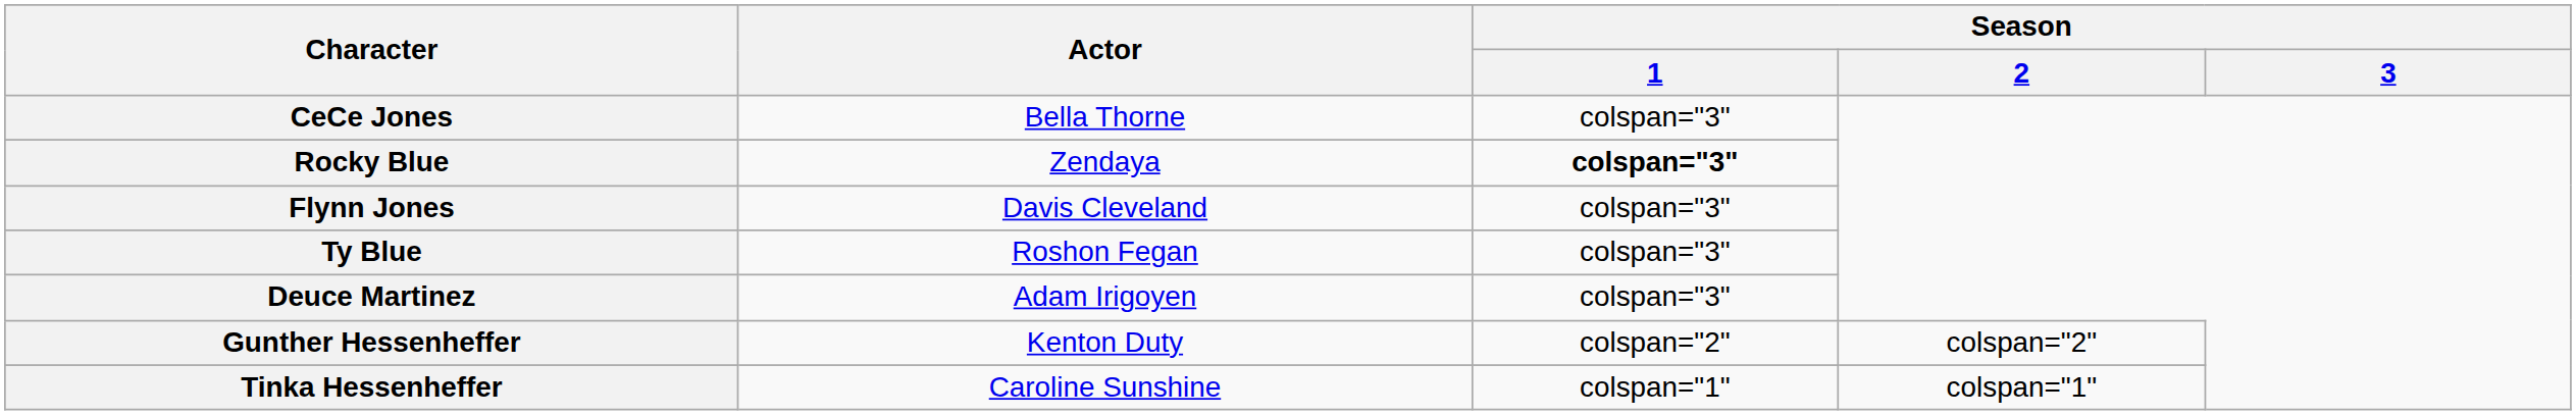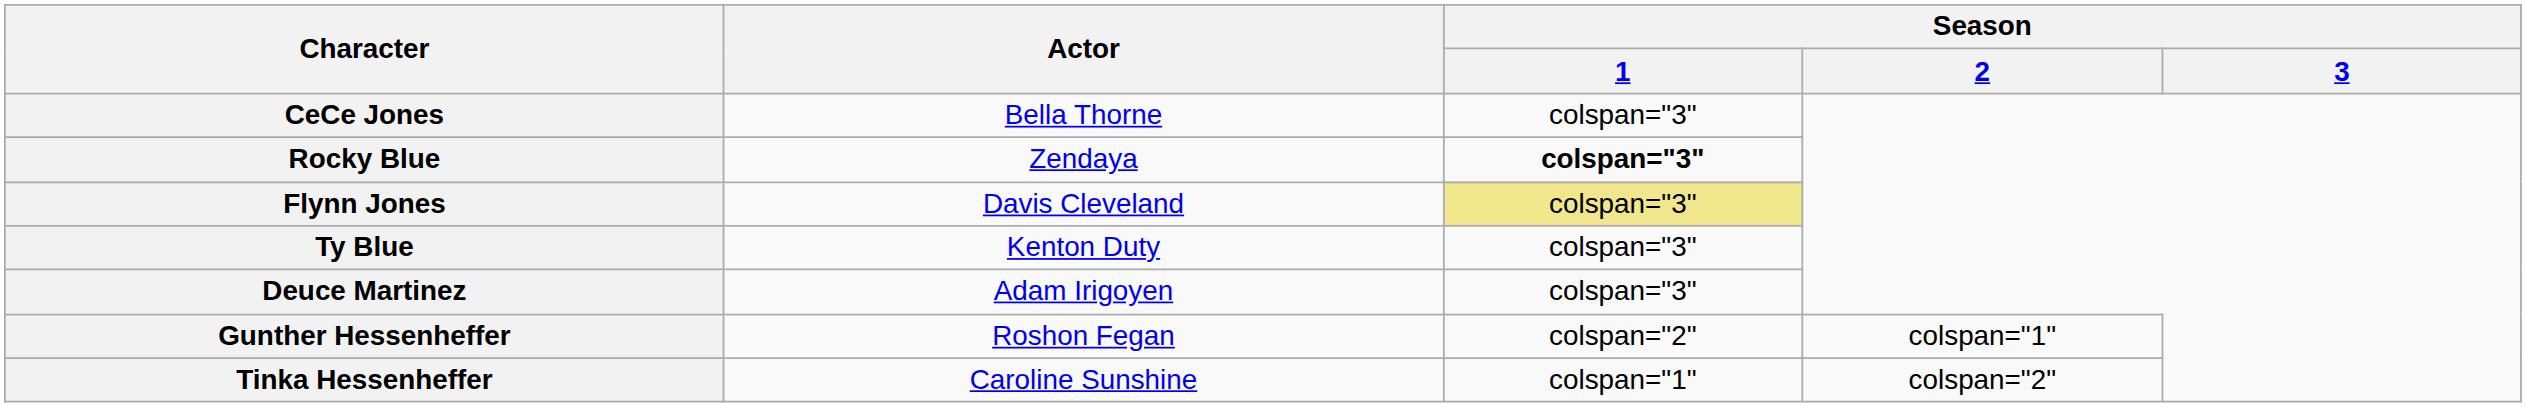 <table class="wikitable plainrowheaders" style="text-align:center;">
 <tr>
 <th rowspan="2" width="14%" scope="col">Character</th>
 <th rowspan="2" width="14%" scope="col">Actor</th>
 <th colspan="4">Season</th>
 </tr>
 <tr>
 <th width="7%" scope="col"><a href='#'>1</a></th>
 <th width="7%" scope="col"><a href='#'>2</a></th>
 <th width="7%" scope="col"><a href='#'>3</a></th>
 </tr>
 <tr>
 <th scope="row" style="text-align:center;">CeCe Jones</th>
 <td><a href='#'>Bella Thorne</a></td>
 <td>colspan="3" </td>
 </tr>
 <tr>
 <th scope="row" style="text-align:center;">Rocky Blue</th>
 <td><a href='#'>Zendaya</a></td>
 <td><strong>colspan="3" </strong></td>
 </tr>
 <tr>
 <th scope="row" style="text-align:center;">Flynn Jones</th>
 <td><a href='#'>Davis Cleveland</a></td>
-<td>colspan="3" </td>
+<td style="background: khaki;">colspan="3" </td>
 </tr>
 <tr>
 <th scope="row" style="text-align:center;">Ty Blue</th>
-<td><a href='#'>Roshon Fegan</a></td>
+<td><a href='#'>Kenton Duty</a></td>
 <td>colspan="3" </td>
 </tr>
 <tr>
 <th scope="row" style="text-align:center;">Deuce Martinez</th>
 <td><a href='#'>Adam Irigoyen</a></td>
 <td>colspan="3" </td>
 </tr>
 <tr>
 <th scope="row" style="text-align:center;">Gunther Hessenheffer</th>
-<td><a href='#'>Kenton Duty</a></td>
+<td><a href='#'>Roshon Fegan</a></td>
 <td>colspan="2" </td>
-<td>colspan="2" </td>
+<td>colspan="1" </td>
 </tr>
 <tr>
 <th scope="row" style="text-align:center;">Tinka Hessenheffer</th>
 <td><a href='#'>Caroline Sunshine</a></td>
 <td>colspan="1" </td>
-<td>colspan="1" </td>
+<td>colspan="2" </td>
 </tr>
 </table>
